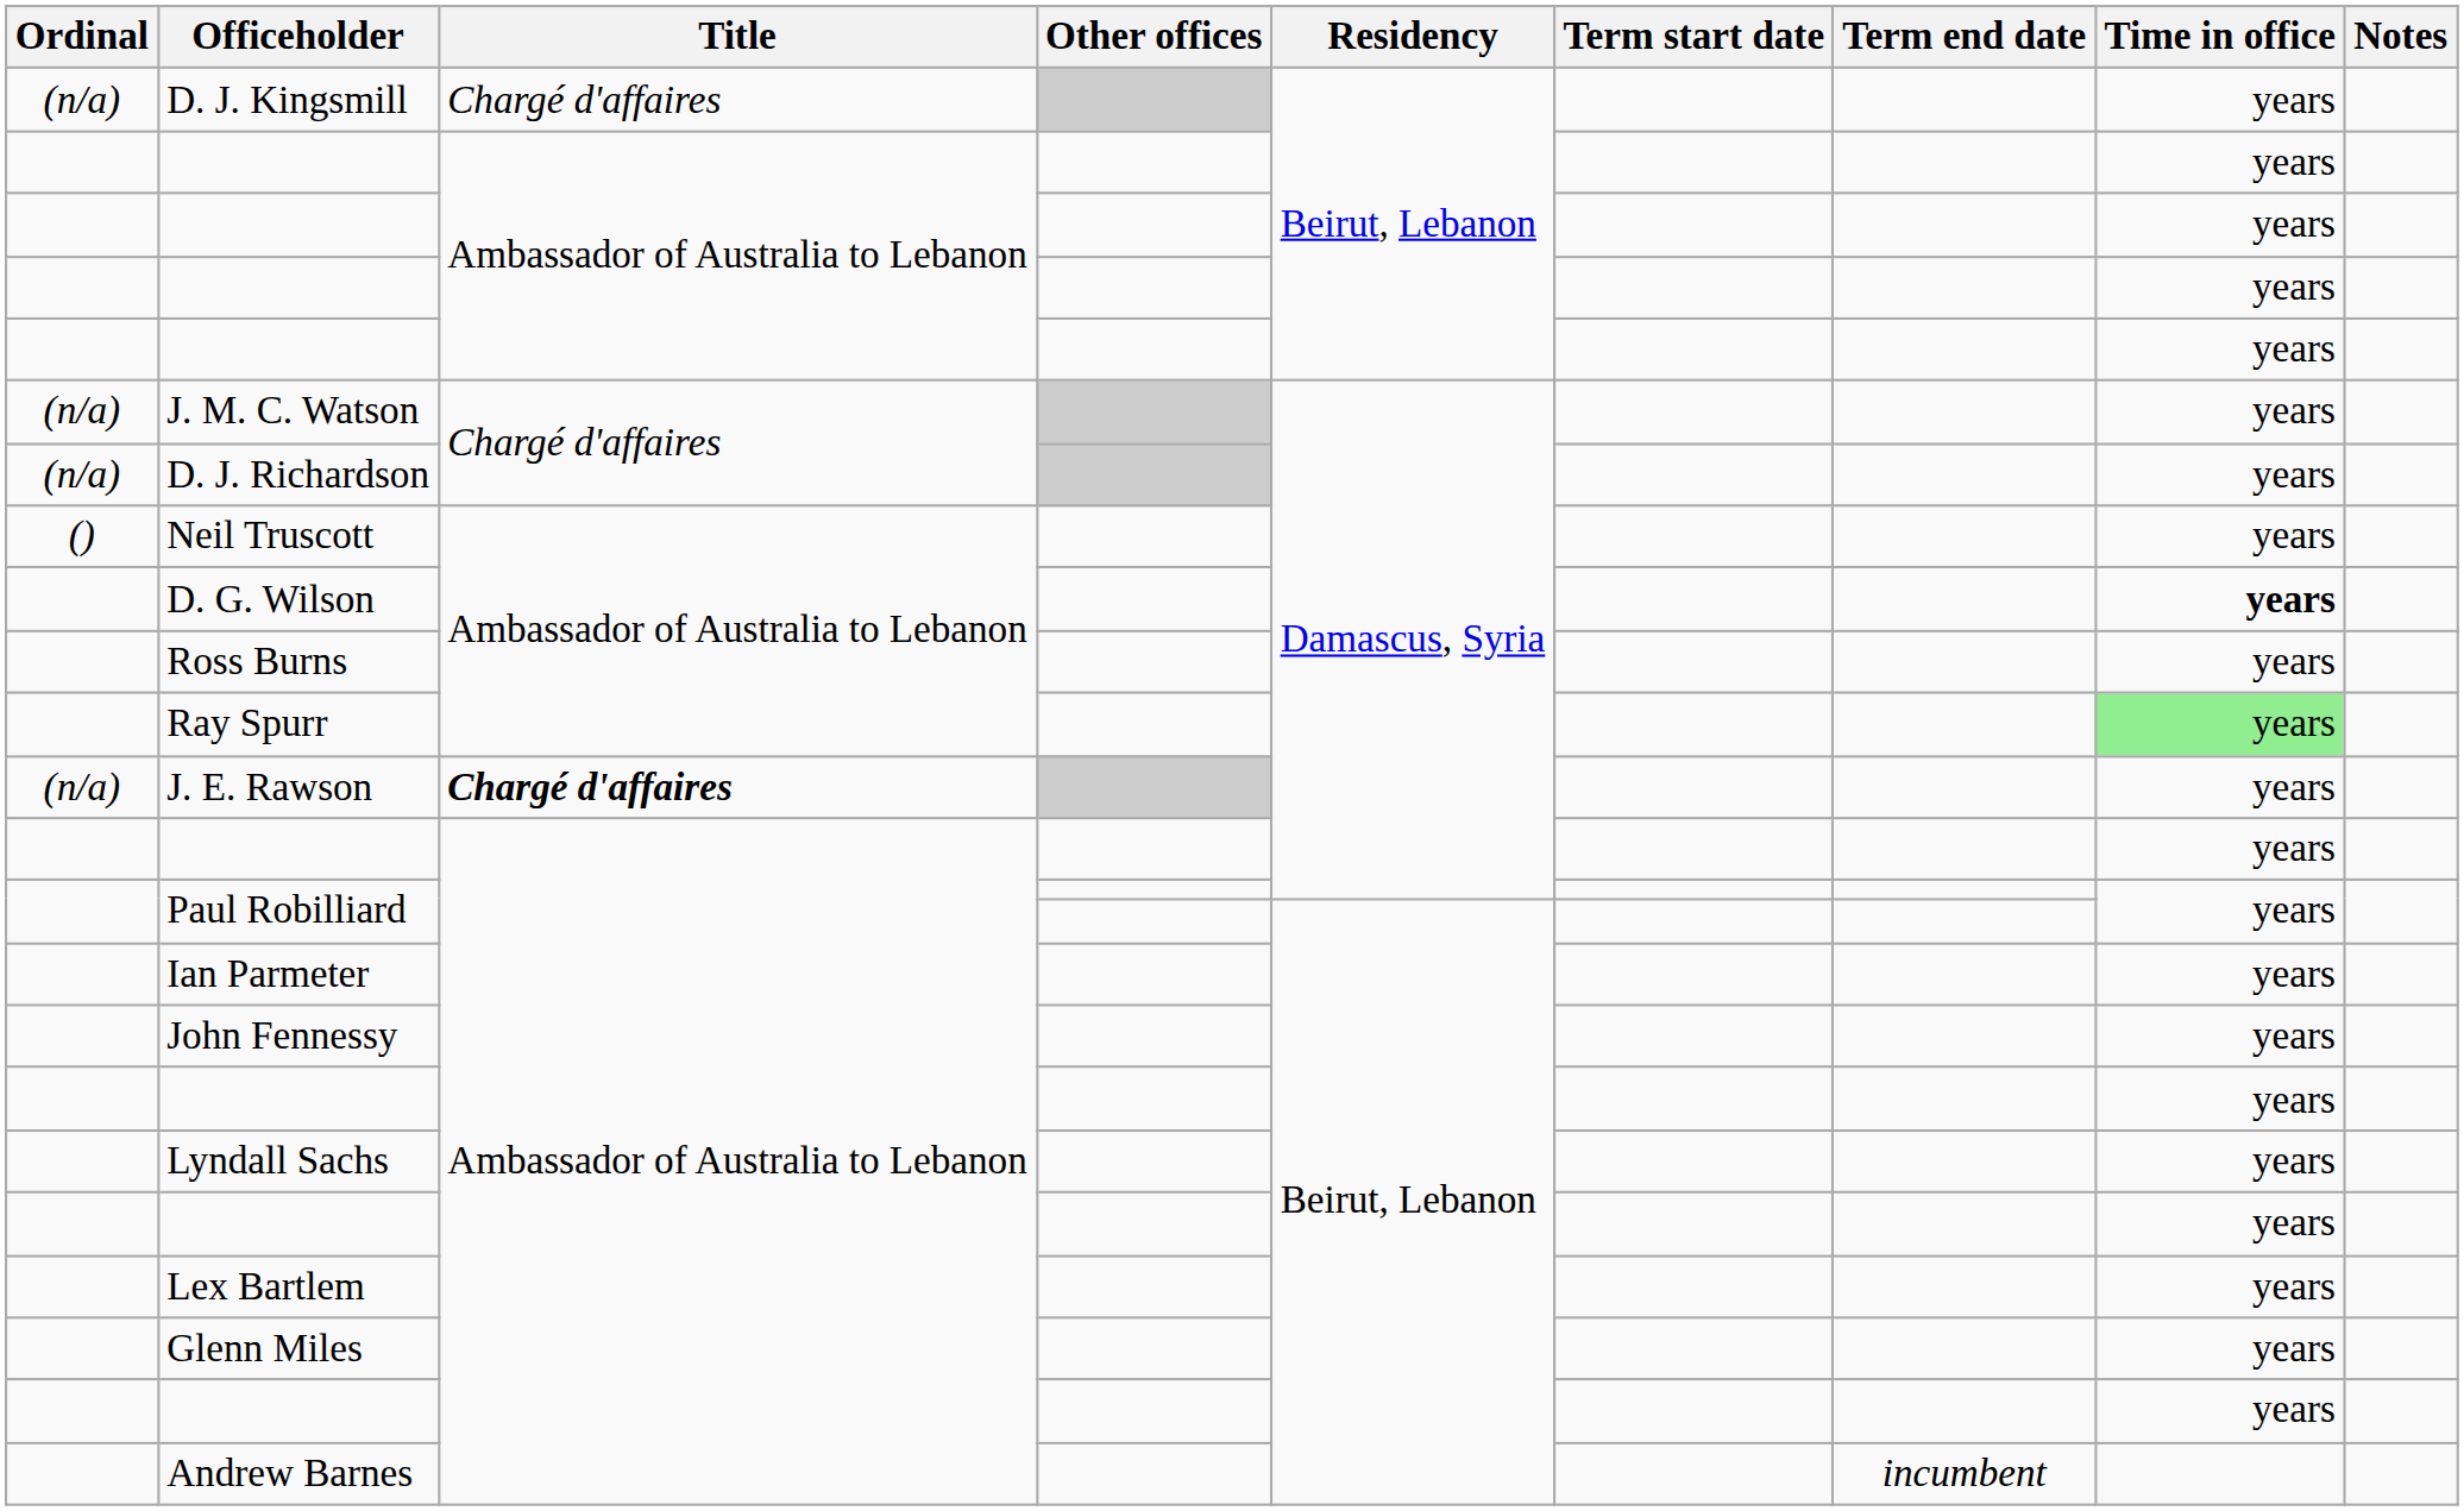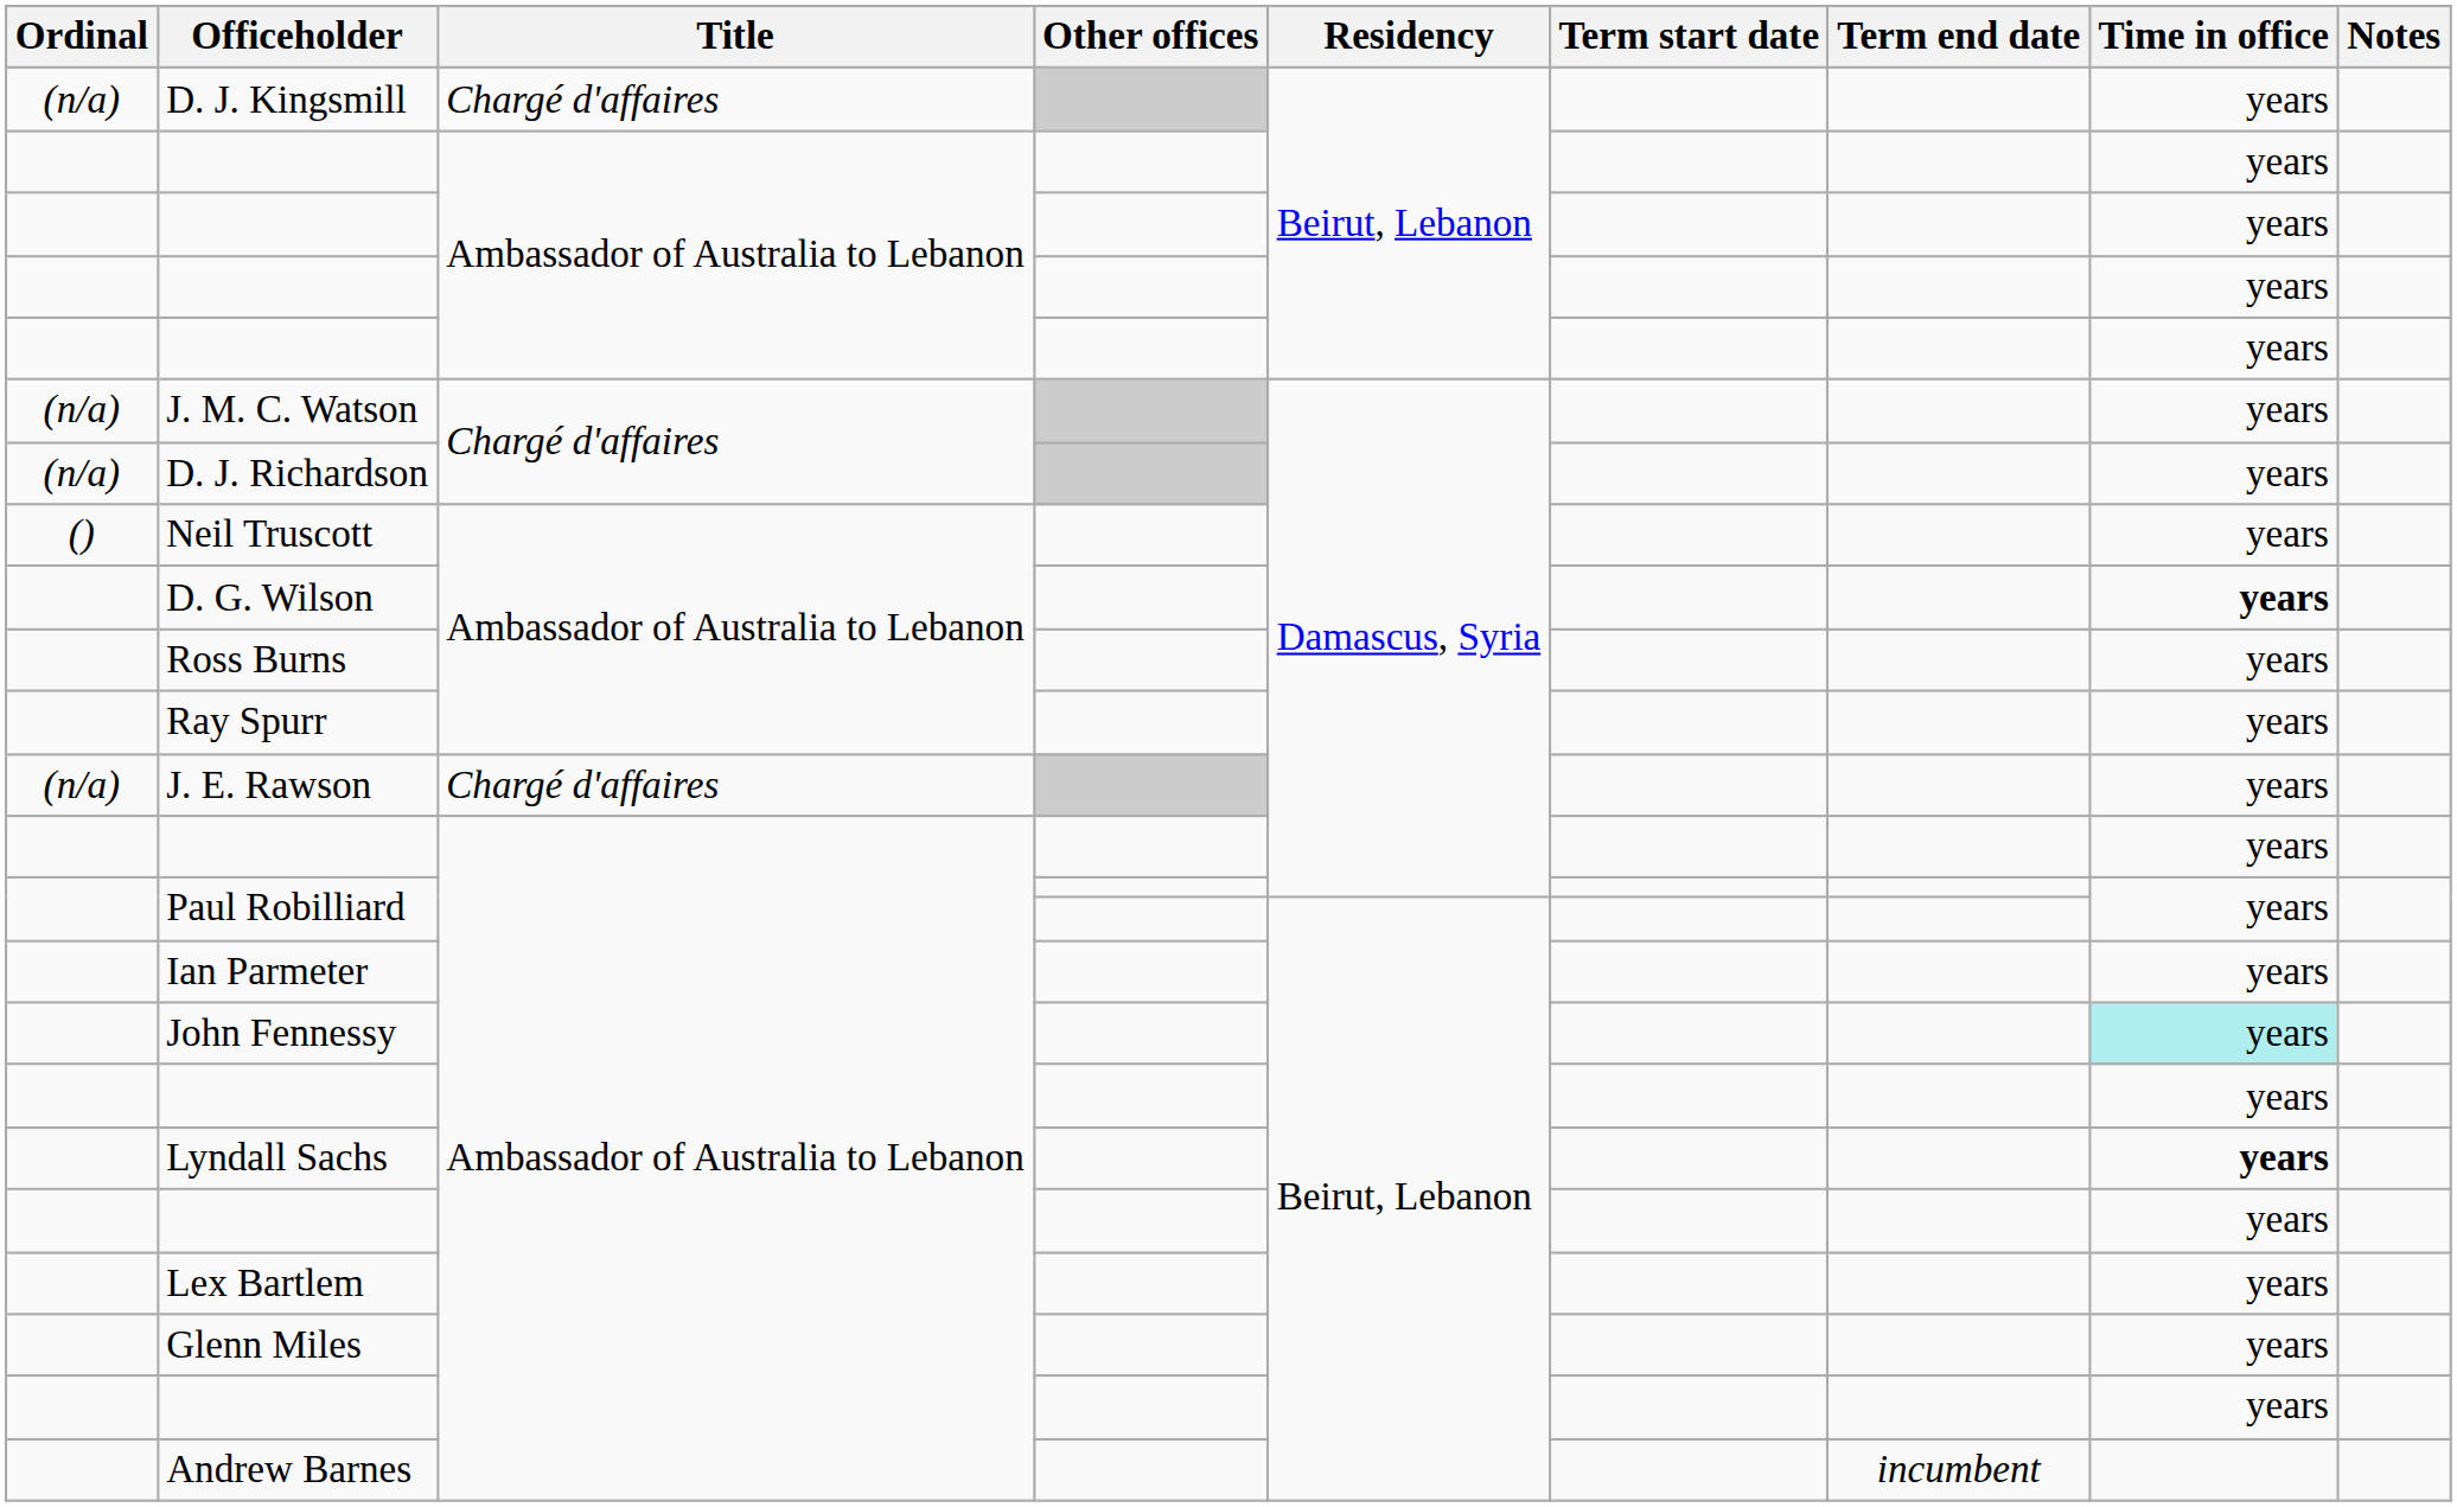 <table class='wikitable sortable'>
 <tr>
 <th>Ordinal</th>
 <th>Officeholder</th>
 <th>Title</th>
 <th>Other offices</th>
 <th>Residency</th>
 <th>Term start date</th>
 <th>Term end date</th>
 <th>Time in office</th>
 <th>Notes</th>
 </tr>
 <tr>
 <td align=center><em>(n/a)</em></td>
 <td>D. J. Kingsmill</td>
 <td><em>Chargé d'affaires</em></td>
 <td style="background: #cccccc;"></td>
 <td rowspan=5><a href='#'>Beirut</a>, <a href='#'>Lebanon</a></td>
 <td align=center></td>
 <td align=center></td>
 <td align=right> years</td>
 <td></td>
 </tr>
 <tr>
 <td align=center></td>
 <td></td>
 <td rowspan=4>Ambassador of Australia to Lebanon</td>
 <td></td>
 <td align=center></td>
 <td align=center></td>
 <td align=right> years</td>
 <td></td>
 </tr>
 <tr>
 <td align=center></td>
 <td></td>
 <td></td>
 <td align=center></td>
 <td align=center></td>
 <td align=right> years</td>
 <td></td>
 </tr>
 <tr>
 <td align=center></td>
 <td></td>
 <td></td>
 <td align=center></td>
 <td align=center></td>
 <td align=right> years</td>
 <td></td>
 </tr>
 <tr>
 <td align=center></td>
 <td></td>
 <td></td>
 <td align=center></td>
 <td align=center></td>
 <td align=right> years</td>
 <td></td>
 </tr>
 <tr>
 <td align=center><em>(n/a)</em></td>
 <td>J. M. C. Watson</td>
 <td rowspan=2><em>Chargé d'affaires</em></td>
 <td style="background: #cccccc;"></td>
 <td rowspan=9><a href='#'>Damascus</a>, <a href='#'>Syria</a></td>
 <td align=center></td>
 <td align=center></td>
 <td align=right> years</td>
 <td></td>
 </tr>
 <tr>
 <td align=center><em>(n/a)</em></td>
 <td>D. J. Richardson</td>
 <td style="background: #cccccc;"></td>
 <td align=center></td>
 <td align=center></td>
 <td align=right> years</td>
 <td></td>
 </tr>
 <tr>
 <td align=center><em>()</em></td>
 <td>Neil Truscott</td>
 <td rowspan=4>Ambassador of Australia to Lebanon</td>
 <td></td>
 <td align=center></td>
 <td align=center></td>
 <td align=right> years</td>
 <td></td>
 </tr>
 <tr>
 <td align=center></td>
 <td>D. G. Wilson</td>
 <td></td>
 <td align=center></td>
 <td align=center></td>
 <td align=right><strong> years</strong></td>
 <td></td>
 </tr>
 <tr>
 <td align=center></td>
 <td>Ross Burns</td>
 <td></td>
 <td align=center></td>
 <td align=center></td>
 <td align=right> years</td>
 <td></td>
 </tr>
 <tr>
 <td align=center></td>
 <td>Ray Spurr</td>
 <td></td>
 <td align=center></td>
 <td align=center></td>
-<td align=right style="background: lightgreen;"> years</td>
+<td align=right> years</td>
 <td></td>
 </tr>
 <tr>
 <td align=center><em>(n/a)</em></td>
 <td>J. E. Rawson</td>
-<td><strong><em>Chargé d'affaires</em></strong></td>
+<td><em>Chargé d'affaires</em></td>
 <td style="background: #cccccc;"></td>
 <td align=center></td>
 <td align=center></td>
 <td align=right> years</td>
 <td></td>
 </tr>
 <tr>
 <td align=center></td>
 <td></td>
 <td rowspan=12>Ambassador of Australia to Lebanon</td>
 <td></td>
 <td align=center></td>
 <td align=center></td>
 <td align=right> years</td>
 <td></td>
 </tr>
 <tr>
 <td rowspan=2 align=center></td>
 <td rowspan=2>Paul Robilliard</td>
 <td></td>
 <td align=center></td>
 <td align=center></td>
 <td rowspan=2 align=right> years</td>
 <td rowspan=2></td>
 </tr>
 <tr>
 <td></td>
 <td rowspan=10>Beirut, Lebanon</td>
 <td align=center></td>
 <td align=center></td>
 </tr>
 <tr>
 <td align=center></td>
 <td>Ian Parmeter</td>
 <td></td>
 <td align=center></td>
 <td align=center></td>
 <td align=right> years</td>
 <td></td>
 </tr>
 <tr>
 <td align=center></td>
 <td>John Fennessy</td>
 <td></td>
 <td align=center></td>
 <td align=center></td>
-<td align=right> years</td>
+<td align=right style="background: paleturquoise;"> years</td>
 <td></td>
 </tr>
 <tr>
 <td align=center></td>
 <td></td>
 <td></td>
 <td align=center></td>
 <td align=center></td>
 <td align=right> years</td>
 <td></td>
 </tr>
 <tr>
 <td align=center></td>
 <td>Lyndall Sachs</td>
 <td></td>
 <td align=center></td>
 <td align=center></td>
-<td align=right> years</td>
+<td align=right><strong> years</strong></td>
 <td></td>
 </tr>
 <tr>
 <td align=center></td>
 <td></td>
 <td></td>
 <td align=center></td>
 <td align=center></td>
 <td align=right> years</td>
 <td></td>
 </tr>
 <tr>
 <td align=center></td>
 <td>Lex Bartlem</td>
 <td></td>
 <td align=center></td>
 <td align=center></td>
 <td align=right> years</td>
 <td></td>
 </tr>
 <tr>
 <td align=center></td>
 <td>Glenn Miles</td>
 <td></td>
 <td align=center></td>
 <td align=center></td>
 <td align=right> years</td>
 <td></td>
 </tr>
 <tr>
 <td align=center></td>
 <td></td>
 <td></td>
 <td align=center></td>
 <td align=center></td>
 <td align=right> years</td>
 <td></td>
 </tr>
 <tr>
 <td align=center></td>
 <td>Andrew Barnes</td>
 <td></td>
 <td align=center></td>
 <td align=center><em>incumbent</em></td>
 <td align=right></td>
 <td></td>
 </tr>
 </table>
